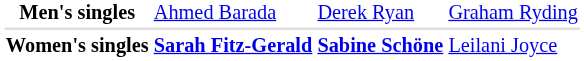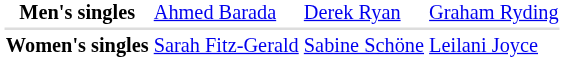 <table>
 <tr>
 <th scope="row">Men's singles</th>
 <td> <a href='#'>Ahmed Barada</a></td>
 <td> <a href='#'>Derek Ryan</a></td>
 <td> <a href='#'>Graham Ryding</a></td>
 </tr>
 <tr bgcolor=#DDDDDD>
 <td colspan=7></td>
 </tr>
 <tr>
 <th scope="row">Women's singles</th>
-<td><strong> <a href='#'>Sarah Fitz-Gerald</a></strong></td>
-<td><strong> <a href='#'>Sabine Schöne</a></strong></td>
+<td> <a href='#'>Sarah Fitz-Gerald</a></td>
+<td> <a href='#'>Sabine Schöne</a></td>
 <td> <a href='#'>Leilani Joyce</a></td>
 </tr>
 </table>
